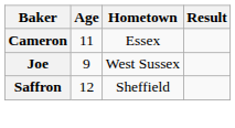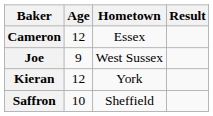 <table class="wikitable sortable" style="display:inline-table; text-align:center">
 <tr>
 <th scope="col">Baker</th>
 <th scope="col">Age</th>
 <th scope="col">Hometown</th>
 <th scope="col">Result</th>
 </tr>
 <tr>
 <th scope="row">Cameron</th>
-<td>11</td>
+<td>12</td>
 <td>Essex</td>
 <td></td>
 </tr>
 <tr>
 <th scope="row">Joe</th>
 <td>9</td>
 <td>West Sussex</td>
 <td></td>
 </tr>
 <tr>
+<th scope="row">Kieran</th>
+<td>12</td>
+<td>York</td>
+<td></td>
+</tr>
+<tr>
 <th scope="row">Saffron</th>
-<td>12</td>
+<td>10</td>
 <td>Sheffield</td>
 <td></td>
 </tr>
 </table>
